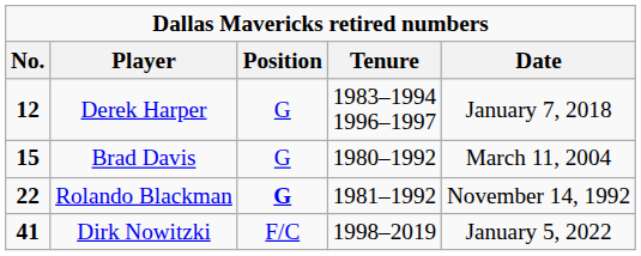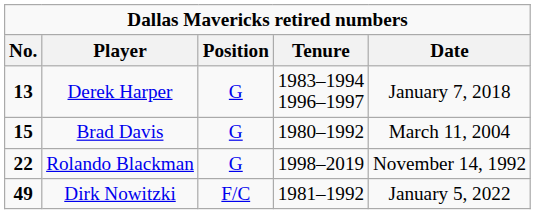 <table class="wikitable sortable" style="text-align:center">
 <tr>
 <td colspan="5"><strong>Dallas Mavericks retired numbers</strong></td>
 </tr>
 <tr>
 <th>No.</th>
 <th>Player</th>
 <th>Position</th>
 <th>Tenure</th>
 <th>Date</th>
 </tr>
 <tr>
-<td><strong>12</strong></td>
+<td><strong>13</strong></td>
 <td><a href='#'>Derek Harper</a></td>
 <td><a href='#'>G</a></td>
 <td>1983–1994<br>1996–1997</td>
 <td>January 7, 2018</td>
 </tr>
 <tr>
 <td><strong>15</strong></td>
 <td><a href='#'>Brad Davis</a></td>
 <td><a href='#'>G</a></td>
 <td>1980–1992</td>
 <td>March 11, 2004</td>
 </tr>
 <tr>
 <td><strong>22</strong></td>
 <td><a href='#'>Rolando Blackman</a></td>
-<td><strong><a href='#'>G</a></strong></td>
-<td>1981–1992</td>
+<td><a href='#'>G</a></td>
+<td>1998–2019</td>
 <td>November 14, 1992</td>
 </tr>
 <tr>
-<td><strong>41</strong></td>
+<td><strong>49</strong></td>
 <td><a href='#'>Dirk Nowitzki</a></td>
 <td><a href='#'>F/C</a></td>
-<td>1998–2019</td>
+<td>1981–1992</td>
 <td>January 5, 2022</td>
 </tr>
 </table>
